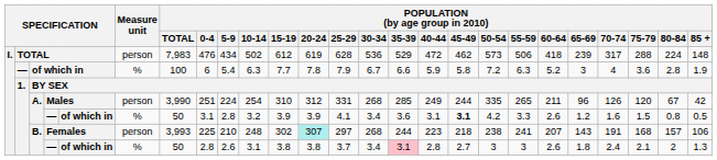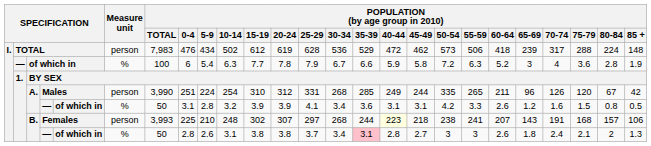 <table class="wikitable" style="font-size:85%; text-align:center">
 <tr>
 <th rowspan="2" colspan="5">SPECIFICATION</th>
 <th rowspan="2">Measure<br> unit</th>
 <th colspan="20" rowspan="1">POPULATION<br> (by age group in 2010)</th>
 </tr>
 <tr>
 <th>TOTAL</th>
 <th>0-4</th>
 <th>5-9</th>
 <th>10-14</th>
 <th>15-19</th>
 <th>20-24</th>
 <th>25-29</th>
 <th>30-34</th>
 <th>35-39</th>
 <th>40-44</th>
 <th>45-49</th>
 <th>50-54</th>
 <th>55-59</th>
 <th>60-64</th>
 <th>65-69</th>
 <th>70-74</th>
 <th>75-79</th>
 <th>80-84</th>
 <th>85 +</th>
 </tr>
 <tr>
 <th style="text-align:left" valign="top" rowspan="7">I.</th>
 <th style="text-align:left" colspan="4">TOTAL</th>
 <td>person</td>
 <td>7,983</td>
 <td>476</td>
 <td>434</td>
 <td>502</td>
 <td>612</td>
 <td>619</td>
 <td>628</td>
 <td>536</td>
 <td>529</td>
 <td>472</td>
 <td>462</td>
 <td>573</td>
 <td>506</td>
 <td>418</td>
 <td>239</td>
 <td>317</td>
 <td>288</td>
 <td>224</td>
 <td>148</td>
 </tr>
 <tr>
 <th style="text-align:left" valign="top">—</th>
 <th style="text-align:left" colspan="3">of which in</th>
 <td>%</td>
 <td>100</td>
 <td>6</td>
 <td>5.4</td>
 <td>6.3</td>
 <td>7.7</td>
 <td>7.8</td>
 <td>7.9</td>
 <td>6.7</td>
 <td>6.6</td>
 <td>5.9</td>
 <td>5.8</td>
 <td>7.2</td>
 <td>6.3</td>
 <td>5.2</td>
 <td>3</td>
 <td>4</td>
 <td>3.6</td>
 <td>2.8</td>
 <td>1.9</td>
 </tr>
 <tr>
 <th style="text-align:left" valign="top" rowspan="5">1.</th>
 <th style="text-align:left" colspan="23">BY SEX</th>
 </tr>
 <tr>
 <th style="text-align:left" valign="top" rowspan="2">A.</th>
 <th style="text-align:left" colspan="2">Males</th>
 <td>person</td>
 <td>3,990</td>
 <td>251</td>
 <td>224</td>
 <td>254</td>
 <td>310</td>
 <td>312</td>
 <td>331</td>
 <td>268</td>
 <td>285</td>
 <td>249</td>
 <td>244</td>
 <td>335</td>
 <td>265</td>
 <td>211</td>
 <td>96</td>
 <td>126</td>
 <td>120</td>
 <td>67</td>
 <td>42</td>
 </tr>
 <tr>
 <th style="text-align:left" valign="top">—</th>
 <th style="text-align:left" colspan="1">of which in</th>
 <td>%</td>
 <td>50</td>
 <td>3.1</td>
 <td>2.8</td>
 <td>3.2</td>
 <td>3.9</td>
 <td>3.9</td>
 <td>4.1</td>
 <td>3.4</td>
 <td>3.6</td>
 <td>3.1</td>
-<td><strong>3.1</strong></td>
+<td>3.1</td>
 <td>4.2</td>
 <td>3.3</td>
 <td>2.6</td>
 <td>1.2</td>
 <td>1.6</td>
 <td>1.5</td>
 <td>0.8</td>
 <td>0.5</td>
 </tr>
 <tr>
 <th style="text-align:left" valign="top" rowspan="2">B.</th>
 <th style="text-align:left" colspan="2">Females</th>
 <td>person</td>
 <td>3,993</td>
 <td>225</td>
 <td>210</td>
 <td>248</td>
 <td>302</td>
-<td style="background: paleturquoise;">307</td>
+<td>307</td>
 <td>297</td>
 <td>268</td>
 <td>244</td>
-<td>223</td>
+<td style="background: lightyellow;">223</td>
 <td>218</td>
 <td>238</td>
 <td>241</td>
 <td>207</td>
 <td>143</td>
 <td>191</td>
 <td>168</td>
 <td>157</td>
 <td>106</td>
 </tr>
 <tr>
 <th style="text-align:left" valign="top">—</th>
 <th style="text-align:left" colspan="1">of which in</th>
 <td>%</td>
 <td>50</td>
 <td>2.8</td>
 <td>2.6</td>
 <td>3.1</td>
 <td>3.8</td>
 <td>3.8</td>
 <td>3.7</td>
 <td>3.4</td>
 <td style="background: pink;">3.1</td>
 <td>2.8</td>
 <td>2.7</td>
 <td>3</td>
 <td>3</td>
 <td>2.6</td>
 <td>1.8</td>
 <td>2.4</td>
 <td>2.1</td>
 <td>2</td>
 <td>1.3</td>
 </tr>
 </table>
